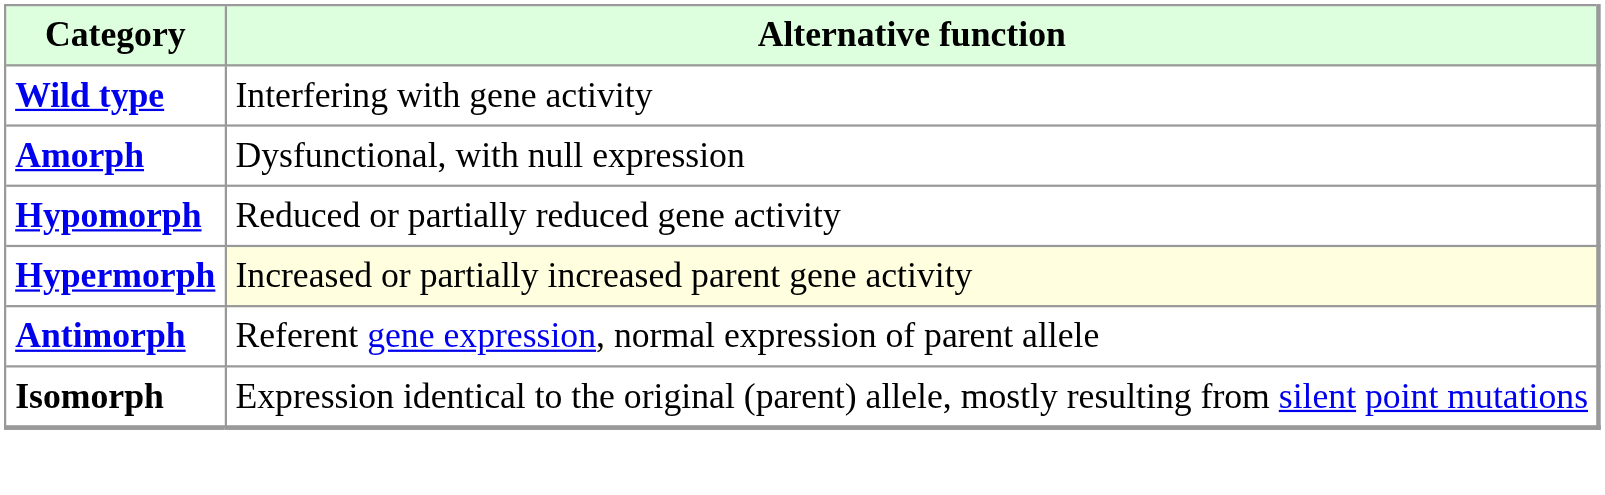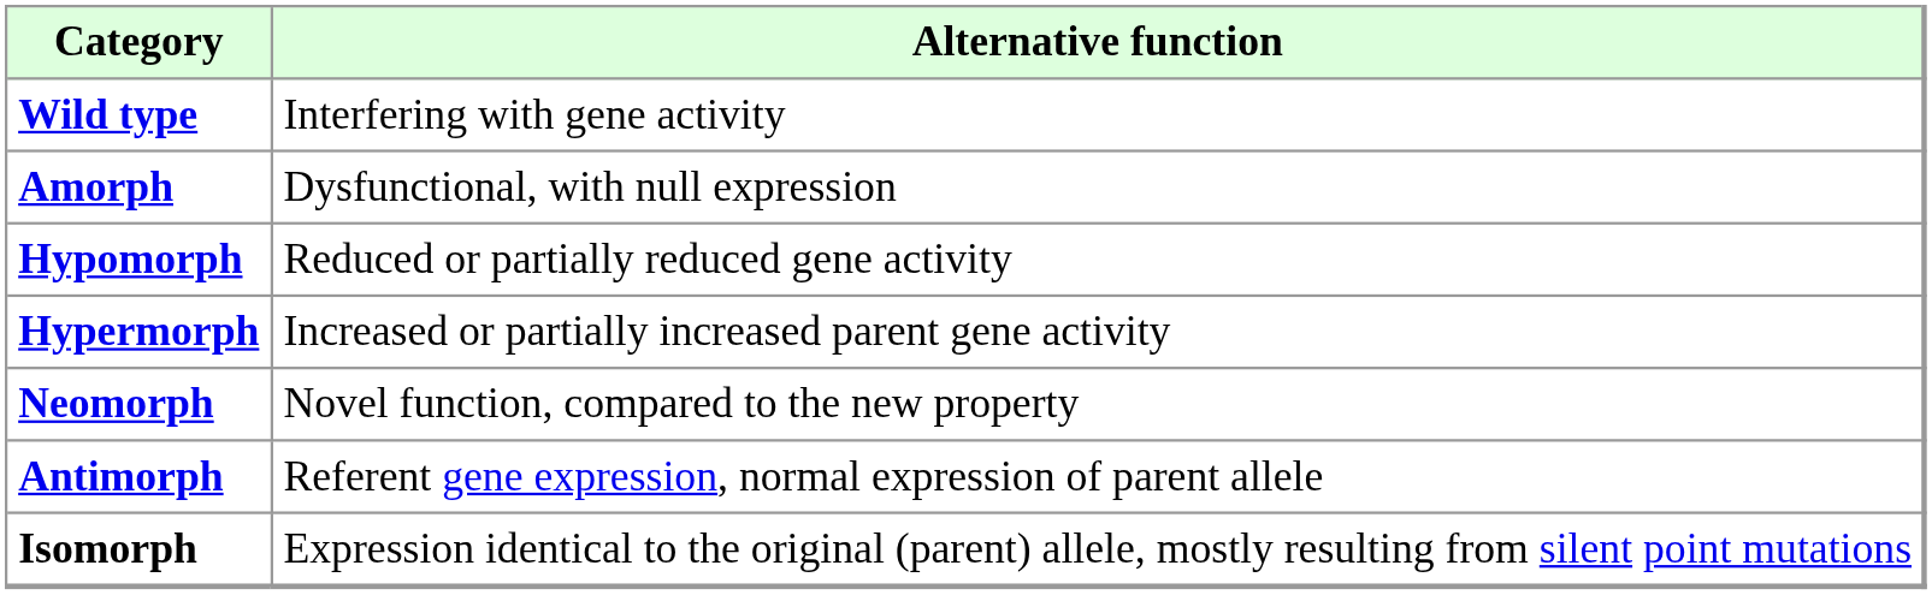 <table border=1 cellpadding=4 cellspacing=0 class="toccolours" style="align: left; margin: 0.5em 0 0 0; border-style: solid; border: 1px solid #999; border-right-width: 2px; border-bottom-width: 2px; border-collapse: collapse; font-size: 100%;">
 <tr>
 <td style="background:#ddffdd;" align="center"><strong>Category</strong></td>
 <td colspan=1 style="background:#ddffdd;" align="center"><strong>Alternative function</strong></td>
 </tr>
 <tr>
 <td><strong><a href='#'>Wild type</a></strong></td>
 <td>Interfering with gene activity</td>
 </tr>
 <tr>
 <td><strong><a href='#'>Amorph</a></strong></td>
 <td>Dysfunctional, with null expression</td>
 </tr>
 <tr>
 <td><strong><a href='#'>Hypomorph</a></strong></td>
 <td>Reduced or partially reduced gene activity</td>
 </tr>
 <tr>
 <td><strong><a href='#'>Hypermorph</a></strong></td>
-<td style="background: lightyellow;">Increased or partially increased parent gene activity</td>
+<td>Increased or partially increased parent gene activity</td>
+</tr>
+<tr>
+<td><strong><a href='#'>Neomorph</a></strong></td>
+<td>Novel function, compared to the new property</td>
 </tr>
 <tr>
 <td><strong><a href='#'>Antimorph</a></strong></td>
 <td>Referent <a href='#'>gene expression</a>, normal expression of parent allele</td>
 </tr>
 <tr>
 <td><strong>Isomorph</strong></td>
 <td>Expression identical to the original (parent) allele, mostly resulting from <a href='#'>silent</a> <a href='#'>point mutations</a></td>
 </tr>
 <tr>
 </tr>
 </table>
